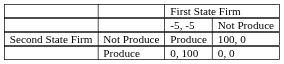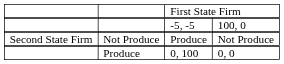 <table style="border-spacing:0;">
 <tr>
 <td style="border-top:0.0069in solid #000000;border-bottom:0.0069in solid #000000;border-left:0.0069in solid #000000;border-right:none;padding-top:0in;padding-bottom:0in;padding-left:0.075in;padding-right:0.075in;"></td>
 <td style="border-top:0.0069in solid #000000;border-bottom:0.0069in solid #000000;border-left:0.0069in solid #000000;border-right:none;padding-top:0in;padding-bottom:0in;padding-left:0.075in;padding-right:0.075in;"></td>
 <td colspan="2"  style="border:0.0069in solid #000000;padding-top:0in;padding-bottom:0in;padding-left:0.075in;padding-right:0.075in;">First State Firm</td>
 </tr>
 <tr>
 <td style="border-top:0.0069in solid #000000;border-bottom:0.0069in solid #000000;border-left:0.0069in solid #000000;border-right:none;padding-top:0in;padding-bottom:0in;padding-left:0.075in;padding-right:0.075in;"></td>
 <td style="border-top:0.0069in solid #000000;border-bottom:0.0069in solid #000000;border-left:0.0069in solid #000000;border-right:none;padding-top:0in;padding-bottom:0in;padding-left:0.075in;padding-right:0.075in;"></td>
 <td style="border-top:0.0069in solid #000000;border-bottom:0.0069in solid #000000;border-left:0.0069in solid #000000;border-right:none;padding-top:0in;padding-bottom:0in;padding-left:0.075in;padding-right:0.075in;">-5, -5</td>
-<td style="border:0.0069in solid #000000;padding-top:0in;padding-bottom:0in;padding-left:0.075in;padding-right:0.075in;">Not Produce</td>
+<td style="border:0.0069in solid #000000;padding-top:0in;padding-bottom:0in;padding-left:0.075in;padding-right:0.075in;">100, 0</td>
 </tr>
 <tr>
 <td style="border-top:0.0069in solid #000000;border-bottom:0.0069in solid #000000;border-left:0.0069in solid #000000;border-right:none;padding-top:0in;padding-bottom:0in;padding-left:0.075in;padding-right:0.075in;">Second State Firm</td>
 <td style="border-top:0.0069in solid #000000;border-bottom:0.0069in solid #000000;border-left:0.0069in solid #000000;border-right:none;padding-top:0in;padding-bottom:0in;padding-left:0.075in;padding-right:0.075in;">Not Produce</td>
 <td style="border-top:0.0069in solid #000000;border-bottom:0.0069in solid #000000;border-left:0.0069in solid #000000;border-right:none;padding-top:0in;padding-bottom:0in;padding-left:0.075in;padding-right:0.075in;">Produce</td>
-<td style="border:0.0069in solid #000000;padding-top:0in;padding-bottom:0in;padding-left:0.075in;padding-right:0.075in;">100, 0</td>
+<td style="border:0.0069in solid #000000;padding-top:0in;padding-bottom:0in;padding-left:0.075in;padding-right:0.075in;">Not Produce</td>
 </tr>
 <tr>
 <td style="border-top:0.0069in solid #000000;border-bottom:0.0069in solid #000000;border-left:0.0069in solid #000000;border-right:none;padding-top:0in;padding-bottom:0in;padding-left:0.075in;padding-right:0.075in;"></td>
 <td style="border-top:0.0069in solid #000000;border-bottom:0.0069in solid #000000;border-left:0.0069in solid #000000;border-right:none;padding-top:0in;padding-bottom:0in;padding-left:0.075in;padding-right:0.075in;">Produce</td>
 <td style="border-top:0.0069in solid #000000;border-bottom:0.0069in solid #000000;border-left:0.0069in solid #000000;border-right:none;padding-top:0in;padding-bottom:0in;padding-left:0.075in;padding-right:0.075in;">0, 100</td>
 <td style="border:0.0069in solid #000000;padding-top:0in;padding-bottom:0in;padding-left:0.075in;padding-right:0.075in;">0, 0</td>
 </tr>
 </table>
